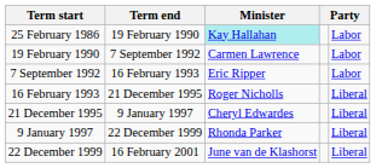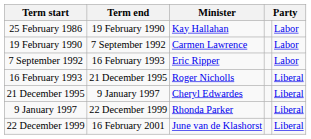 <table class="wikitable">
 <tr>
 <th>Term start</th>
 <th>Term end</th>
 <th>Minister</th>
 <th colspan="2">Party</th>
 </tr>
 <tr>
 <td align=center>25 February 1986</td>
 <td align=center>19 February 1990</td>
-<td style="background: paleturquoise;"><a href='#'>Kay Hallahan</a></td>
+<td><a href='#'>Kay Hallahan</a></td>
 <td> </td>
 <td><a href='#'>Labor</a></td>
 </tr>
 <tr>
 <td align=center>19 February 1990</td>
 <td align=center>7 September 1992</td>
 <td><a href='#'>Carmen Lawrence</a></td>
 <td> </td>
 <td><a href='#'>Labor</a></td>
 </tr>
 <tr>
 <td align=center>7 September 1992</td>
 <td align=center>16 February 1993</td>
 <td><a href='#'>Eric Ripper</a></td>
 <td> </td>
 <td><a href='#'>Labor</a></td>
 </tr>
 <tr>
 <td align=center>16 February 1993</td>
 <td align=center>21 December 1995</td>
 <td><a href='#'>Roger Nicholls</a></td>
 <td> </td>
 <td><a href='#'>Liberal</a></td>
 </tr>
 <tr>
 <td align=center>21 December 1995</td>
 <td align=center>9 January 1997</td>
 <td><a href='#'>Cheryl Edwardes</a></td>
 <td> </td>
 <td><a href='#'>Liberal</a></td>
 </tr>
 <tr>
 <td align=center>9 January 1997</td>
 <td align=center>22 December 1999</td>
 <td><a href='#'>Rhonda Parker</a></td>
 <td> </td>
 <td><a href='#'>Liberal</a></td>
 </tr>
 <tr>
 <td align=center>22 December 1999</td>
 <td align=center>16 February 2001</td>
 <td><a href='#'>June van de Klashorst</a></td>
 <td> </td>
 <td><a href='#'>Liberal</a></td>
 </tr>
 </table>
